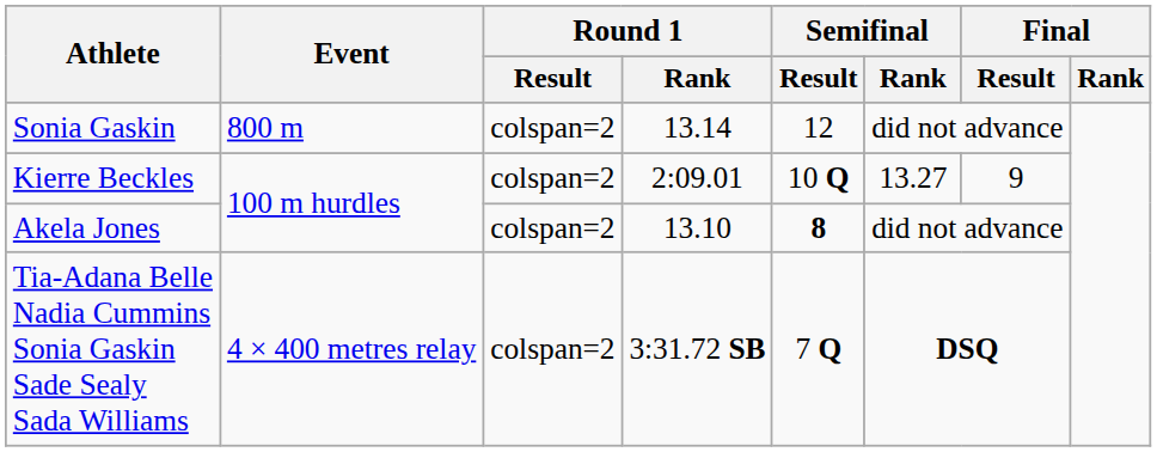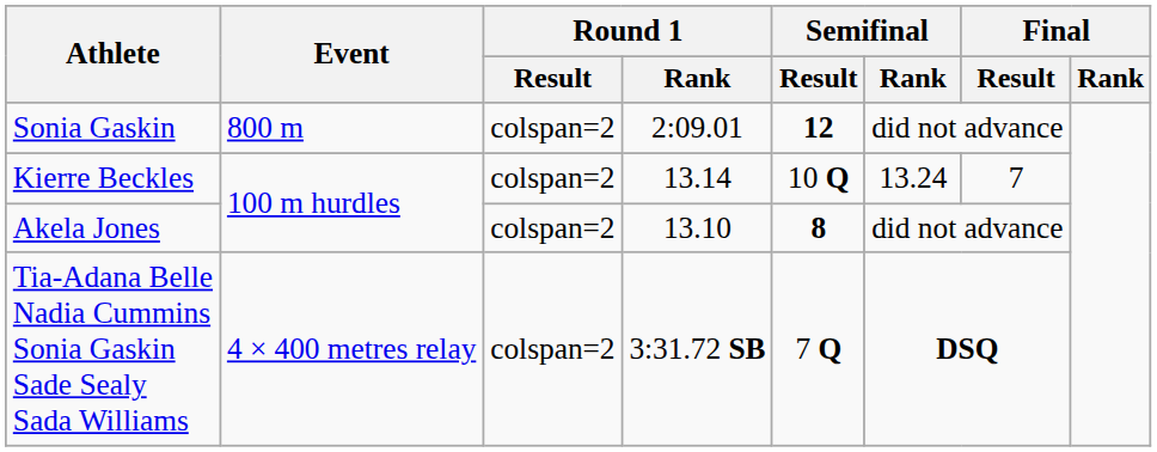 <table class=wikitable style="font-size:90%">
 <tr>
 <th rowspan="2">Athlete</th>
 <th rowspan="2">Event</th>
 <th colspan="2">Round 1</th>
 <th colspan="2">Semifinal</th>
 <th colspan="2">Final</th>
 </tr>
 <tr style="font-size:95%">
 <th>Result</th>
 <th>Rank</th>
 <th>Result</th>
 <th>Rank</th>
 <th>Result</th>
 <th>Rank</th>
 </tr>
 <tr align=center>
 <td align=left><a href='#'>Sonia Gaskin</a></td>
 <td align=left rowspan="1"><a href='#'>800 m</a></td>
 <td>colspan=2 </td>
-<td>13.14</td>
-<td>12</td>
+<td>2:09.01</td>
+<td><strong>12</strong></td>
 <td colspan=2>did not advance</td>
 </tr>
 <tr align=center>
 <td align=left><a href='#'>Kierre Beckles</a></td>
 <td align=left rowspan="2"><a href='#'>100 m hurdles</a></td>
 <td>colspan=2 </td>
-<td>2:09.01</td>
+<td>13.14</td>
 <td>10 <strong>Q</strong></td>
-<td>13.27</td>
-<td>9</td>
+<td>13.24</td>
+<td>7</td>
 </tr>
 <tr align=center>
 <td align=left><a href='#'>Akela Jones</a></td>
 <td>colspan=2 </td>
 <td>13.10</td>
 <td><strong>8</strong></td>
 <td colspan=2>did not advance</td>
 </tr>
 <tr align=center>
 <td align=left><a href='#'>Tia-Adana Belle</a><br><a href='#'>Nadia Cummins</a><br><a href='#'>Sonia Gaskin</a><br><a href='#'>Sade Sealy</a><br><a href='#'>Sada Williams</a></td>
 <td align=left><a href='#'>4 × 400 metres relay</a></td>
 <td>colspan=2 </td>
 <td>3:31.72 <strong>SB</strong></td>
 <td>7 <strong>Q</strong></td>
 <td colspan=2><strong>DSQ</strong></td>
 </tr>
 </table>
